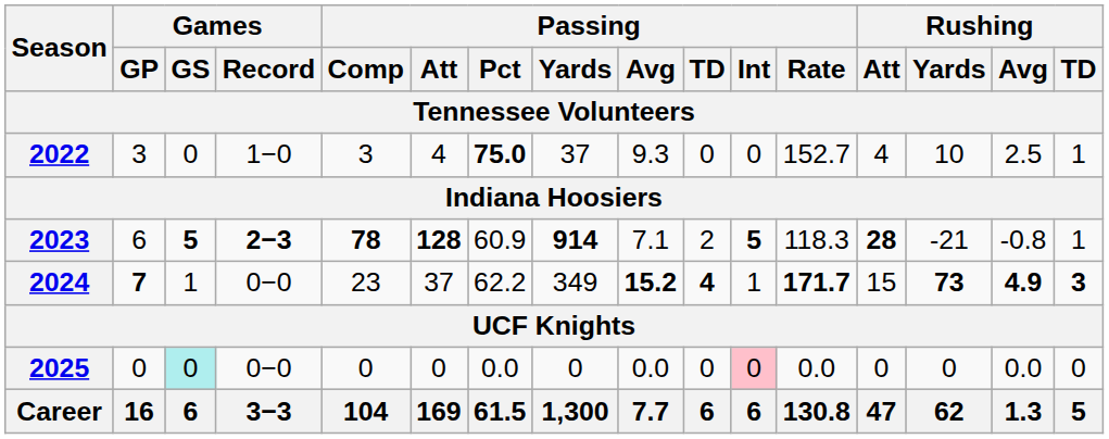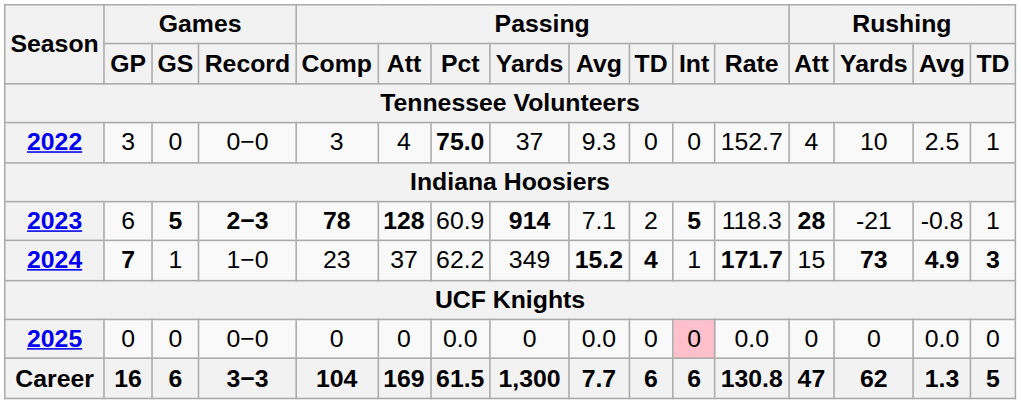 <table class="wikitable" style="text-align:center;">
 <tr>
 <th rowspan="2">Season</th>
 <th colspan="3">Games</th>
 <th colspan="8">Passing</th>
 <th colspan="5">Rushing</th>
 </tr>
 <tr>
 <th>GP</th>
 <th>GS</th>
 <th>Record</th>
 <th>Comp</th>
 <th>Att</th>
 <th>Pct</th>
 <th>Yards</th>
 <th>Avg</th>
 <th>TD</th>
 <th>Int</th>
 <th>Rate</th>
 <th>Att</th>
 <th>Yards</th>
 <th>Avg</th>
 <th>TD</th>
 </tr>
 <tr>
 <th colspan="16">Tennessee Volunteers</th>
 </tr>
 <tr>
 <th><a href='#'>2022</a></th>
 <td>3</td>
 <td>0</td>
-<td>1−0</td>
+<td>0−0</td>
 <td>3</td>
 <td>4</td>
 <td><strong>75.0</strong></td>
 <td>37</td>
 <td>9.3</td>
 <td>0</td>
 <td>0</td>
 <td>152.7</td>
 <td>4</td>
 <td>10</td>
 <td>2.5</td>
 <td>1</td>
 </tr>
 <tr>
 <th colspan="16">Indiana Hoosiers</th>
 </tr>
 <tr>
 <th><a href='#'>2023</a></th>
 <td>6</td>
 <td><strong>5</strong></td>
 <td><strong>2−3</strong></td>
 <td><strong>78</strong></td>
 <td><strong>128</strong></td>
 <td>60.9</td>
 <td><strong>914</strong></td>
 <td>7.1</td>
 <td>2</td>
 <td><strong>5</strong></td>
 <td>118.3</td>
 <td><strong>28</strong></td>
 <td>-21</td>
 <td>-0.8</td>
 <td>1</td>
 </tr>
 <tr>
 <th><a href='#'>2024</a></th>
 <td><strong>7</strong></td>
 <td>1</td>
-<td>0−0</td>
+<td>1−0</td>
 <td>23</td>
 <td>37</td>
 <td>62.2</td>
 <td>349</td>
 <td><strong>15.2</strong></td>
 <td><strong>4</strong></td>
 <td>1</td>
 <td><strong>171.7</strong></td>
 <td>15</td>
 <td><strong>73</strong></td>
 <td><strong>4.9</strong></td>
 <td><strong>3</strong></td>
 </tr>
 <tr>
 <th colspan="16">UCF Knights</th>
 </tr>
 <tr>
 <th><a href='#'>2025</a></th>
 <td>0</td>
-<td style="background: paleturquoise;">0</td>
+<td>0</td>
 <td>0−0</td>
 <td>0</td>
 <td>0</td>
 <td>0.0</td>
 <td>0</td>
 <td>0.0</td>
 <td>0</td>
 <td style="background: pink;">0</td>
 <td>0.0</td>
 <td>0</td>
 <td>0</td>
 <td>0.0</td>
 <td>0</td>
 </tr>
 <tr>
 <th>Career</th>
 <th>16</th>
 <th>6</th>
 <th>3−3</th>
 <th>104</th>
 <th>169</th>
 <th>61.5</th>
 <th>1,300</th>
 <th>7.7</th>
 <th>6</th>
 <th>6</th>
 <th>130.8</th>
 <th>47</th>
 <th>62</th>
 <th>1.3</th>
 <th>5</th>
 </tr>
 </table>
